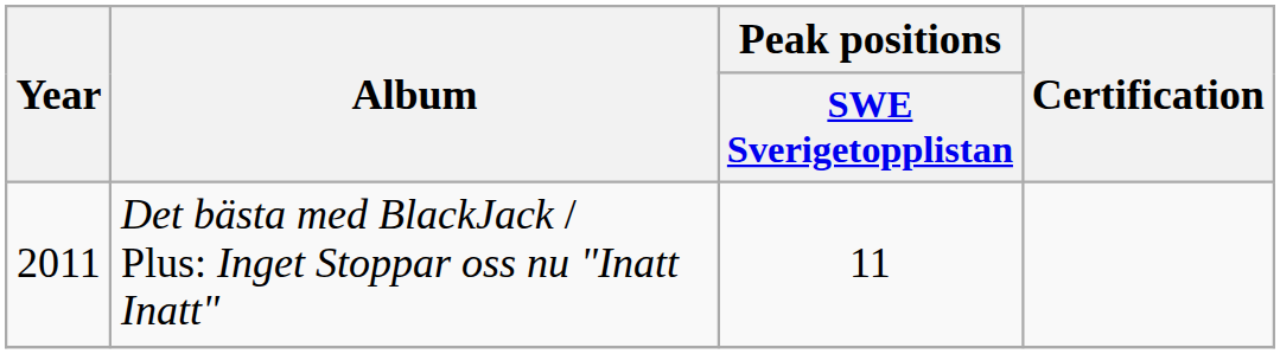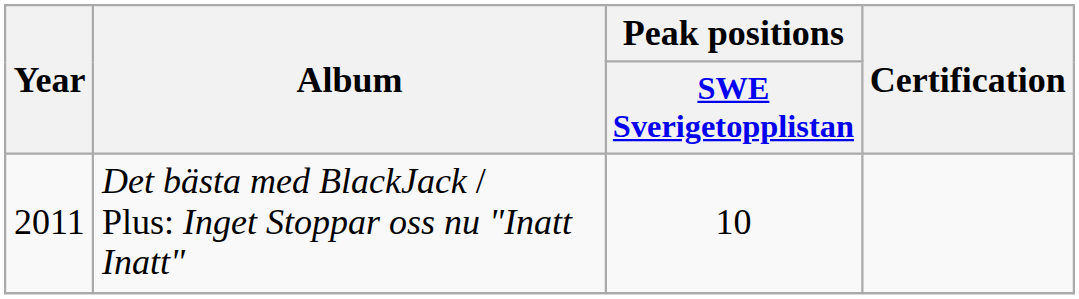 <table class="wikitable">
 <tr>
 <th align="center" rowspan="2" width="10">Year</th>
 <th align="center" rowspan="2" width="220">Album</th>
 <th align="center" colspan="1" width="20">Peak positions</th>
 <th align="center" rowspan="2" width="70">Certification</th>
 </tr>
 <tr>
 <th scope="col" style="width:3em;font-size:90%;"><a href='#'>SWE<br>Sverigetopplistan</a><br></th>
 </tr>
 <tr>
 <td style="text-align:center;">2011</td>
 <td><em>Det bästa med BlackJack</em> / <br>Plus: <em>Inget Stoppar oss nu "Inatt Inatt"</em></td>
-<td style="text-align:center;">11</td>
+<td style="text-align:center;">10</td>
 <td style="text-align:center;"></td>
 </tr>
 <tr>
 </tr>
 </table>
